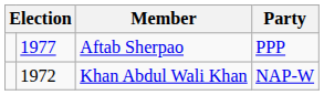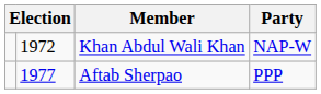 <table class="wikitable">
 <tr>
 <th colspan="2">Election</th>
 <th>Member</th>
 <th>Party</th>
 </tr>
 <tr>
 <td style="background-color: "></td>
+<td>1972</td>
+<td><a href='#'>Khan Abdul Wali Khan</a></td>
+<td><a href='#'>NAP-W</a></td>
+</tr>
+<tr>
+<td style="background-color: "></td>
 <td><a href='#'>1977</a></td>
 <td><a href='#'>Aftab Sherpao</a></td>
 <td><a href='#'>PPP</a></td>
 </tr>
-<tr>
-<td style="background-color: "></td>
-<td>1972</td>
-<td><a href='#'>Khan Abdul Wali Khan</a></td>
-<td><a href='#'>NAP-W</a></td>
-</tr>
 </table>
